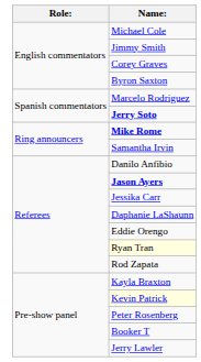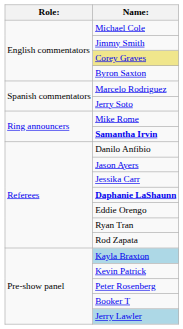 <table class=wikitable style="font-size:90%; margin: 0.5em 0 0.5em 1em; float: right; clear: right;">
 <tr>
 <th>Role:</th>
 <th>Name:</th>
 </tr>
 <tr>
 <td rowspan=4>English commentators</td>
 <td><a href='#'>Michael Cole</a> </td>
 </tr>
 <tr>
 <td><a href='#'>Jimmy Smith</a> </td>
 </tr>
 <tr>
-<td><a href='#'>Corey Graves</a> </td>
+<td style="background: khaki;"><a href='#'>Corey Graves</a> </td>
 </tr>
 <tr>
 <td><a href='#'>Byron Saxton</a> </td>
 </tr>
 <tr>
 <td rowspan=2>Spanish commentators</td>
 <td><a href='#'>Marcelo Rodriguez</a></td>
 </tr>
 <tr>
-<td><strong><a href='#'>Jerry Soto</a></strong></td>
+<td><a href='#'>Jerry Soto</a></td>
 </tr>
 <tr>
 <td rowspan=2><a href='#'>Ring announcers</a></td>
-<td><strong><a href='#'>Mike Rome</a> </strong></td>
+<td><a href='#'>Mike Rome</a> </td>
 </tr>
 <tr>
-<td><a href='#'>Samantha Irvin</a> </td>
+<td><strong><a href='#'>Samantha Irvin</a> </strong></td>
 </tr>
 <tr>
 <td rowspan=7><a href='#'>Referees</a></td>
 <td>Danilo Anfibio</td>
 </tr>
 <tr>
-<td><strong><a href='#'>Jason Ayers</a></strong></td>
+<td><a href='#'>Jason Ayers</a></td>
 </tr>
 <tr>
 <td><a href='#'>Jessika Carr</a></td>
 </tr>
 <tr>
-<td><a href='#'>Daphanie LaShaunn</a></td>
+<td><strong><a href='#'>Daphanie LaShaunn</a></strong></td>
 </tr>
 <tr>
 <td>Eddie Orengo</td>
 </tr>
 <tr>
-<td style="background: lightyellow;">Ryan Tran</td>
+<td>Ryan Tran</td>
 </tr>
 <tr>
 <td>Rod Zapata</td>
 </tr>
 <tr>
 <td rowspan="5">Pre-show panel</td>
-<td><a href='#'>Kayla Braxton</a></td>
+<td style="background: lightblue;"><a href='#'>Kayla Braxton</a></td>
 </tr>
 <tr>
-<td style="background: lightyellow;"><a href='#'>Kevin Patrick</a></td>
+<td><a href='#'>Kevin Patrick</a></td>
 </tr>
 <tr>
 <td><a href='#'>Peter Rosenberg</a></td>
 </tr>
 <tr>
 <td><a href='#'>Booker T</a></td>
 </tr>
 <tr>
-<td><a href='#'>Jerry Lawler</a></td>
+<td style="background: lightblue;"><a href='#'>Jerry Lawler</a></td>
 </tr>
 </table>
